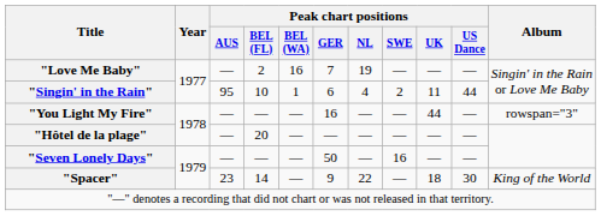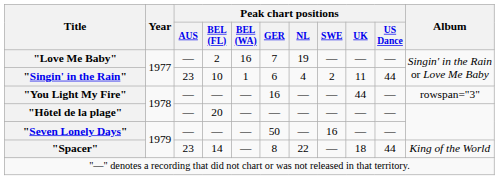 <table class="wikitable plainrowheaders" style="text-align:center;">
 <tr>
 <th rowspan="2" style="width:12em;">Title</th>
 <th rowspan="2">Year</th>
 <th colspan="8">Peak chart positions</th>
 <th rowspan="2">Album</th>
 </tr>
 <tr>
 <th scope="col" style="width:2.5em;font-size:85%"><a href='#'>AUS</a><br></th>
 <th scope="col" style="width:2.5em;font-size:85%"><a href='#'>BEL<br>(FL)</a><br></th>
 <th scope="col" style="width:2.5em;font-size:85%"><a href='#'>BEL<br>(WA)</a><br></th>
 <th scope="col" style="width:2.5em;font-size:85%"><a href='#'>GER</a><br></th>
 <th scope="col" style="width:2.5em;font-size:85%"><a href='#'>NL</a><br></th>
 <th scope="col" style="width:2.5em;font-size:85%"><a href='#'>SWE</a><br></th>
 <th scope="col" style="width:2.5em;font-size:85%"><a href='#'>UK</a><br></th>
 <th scope="col" style="width:2.5em;font-size:85%"><a href='#'>US Dance</a><br></th>
 </tr>
 <tr>
 <th scope="row">"Love Me Baby"</th>
 <td rowspan="2">1977</td>
 <td>—</td>
 <td>2</td>
 <td>16</td>
 <td>7</td>
 <td>19</td>
 <td>—</td>
 <td>—</td>
 <td>—</td>
 <td rowspan="2"><em>Singin' in the Rain</em><br>or <em>Love Me Baby</em></td>
 </tr>
 <tr>
 <th scope="row">"<a href='#'>Singin' in the Rain</a>"</th>
-<td>95</td>
+<td>23</td>
 <td>10</td>
 <td>1</td>
 <td>6</td>
 <td>4</td>
 <td>2</td>
 <td>11</td>
 <td>44</td>
 </tr>
 <tr>
 <th scope="row">"You Light My Fire"</th>
 <td rowspan="2">1978</td>
 <td>—</td>
 <td>—</td>
 <td>—</td>
 <td>16</td>
 <td>—</td>
 <td>—</td>
 <td>44</td>
 <td>—</td>
 <td>rowspan="3" </td>
 </tr>
 <tr>
 <th scope="row">"Hôtel de la plage"</th>
 <td>—</td>
 <td>20</td>
 <td>—</td>
 <td>—</td>
 <td>—</td>
 <td>—</td>
 <td>—</td>
 <td>—</td>
 </tr>
 <tr>
 <th scope="row">"<a href='#'>Seven Lonely Days</a>"</th>
 <td rowspan="2">1979</td>
 <td>—</td>
 <td>—</td>
 <td>—</td>
 <td>50</td>
 <td>—</td>
 <td>16</td>
 <td>—</td>
 <td>—</td>
 </tr>
 <tr>
 <th scope="row">"Spacer"</th>
 <td>23</td>
 <td>14</td>
 <td>—</td>
-<td>9</td>
+<td>8</td>
 <td>22</td>
 <td>—</td>
 <td>18</td>
-<td>30</td>
+<td>44</td>
 <td><em>King of the World</em></td>
 </tr>
 <tr>
 <td colspan="11" style="font-size:90%">"—" denotes a recording that did not chart or was not released in that territory.</td>
 </tr>
 </table>
